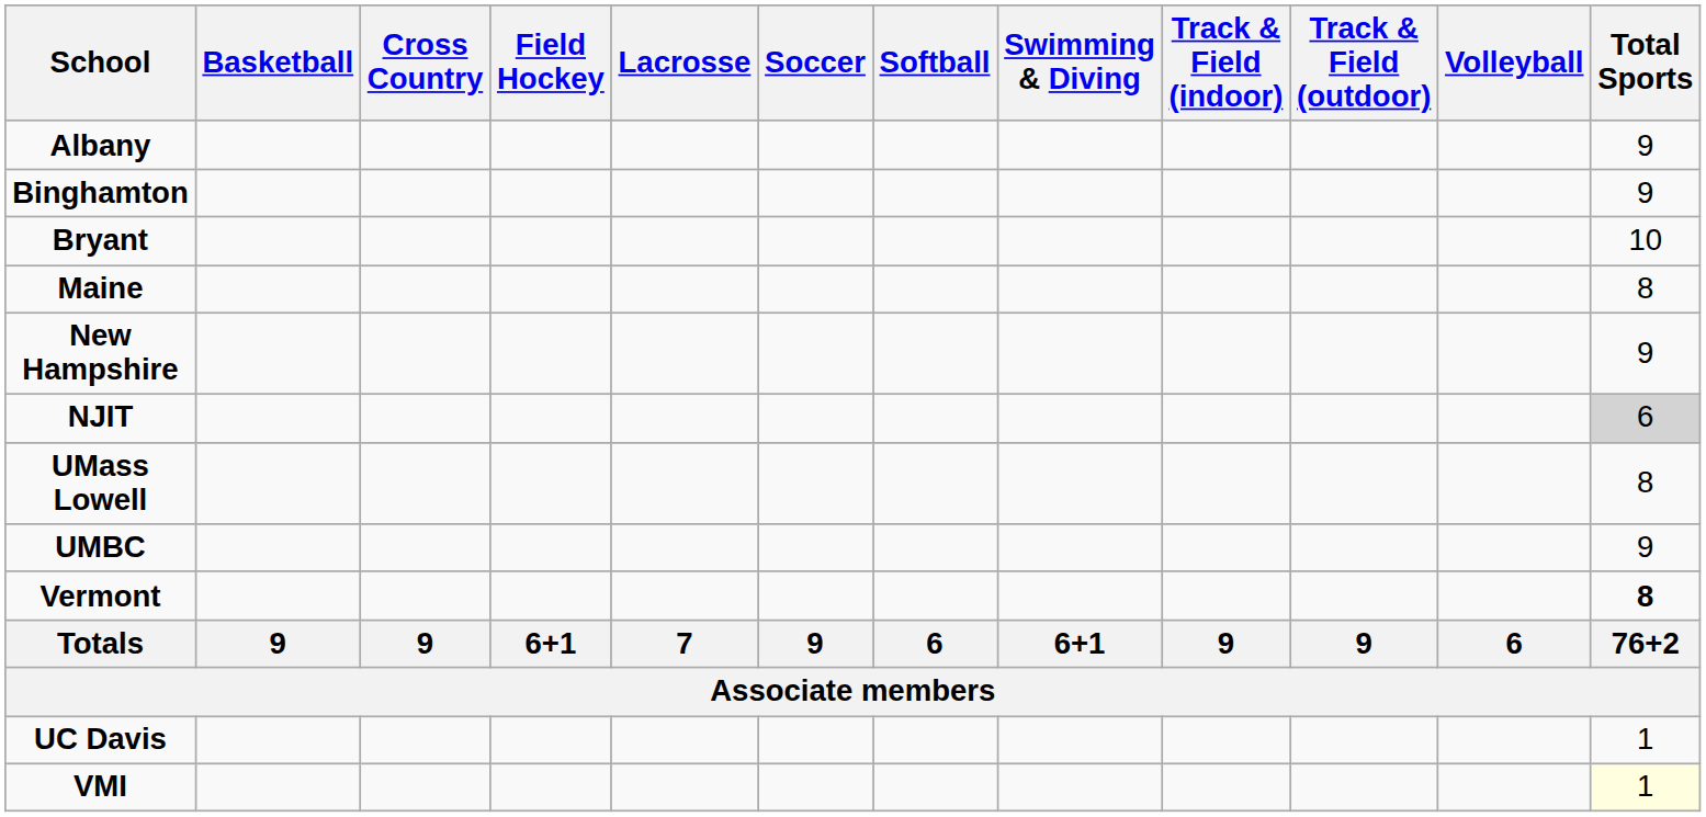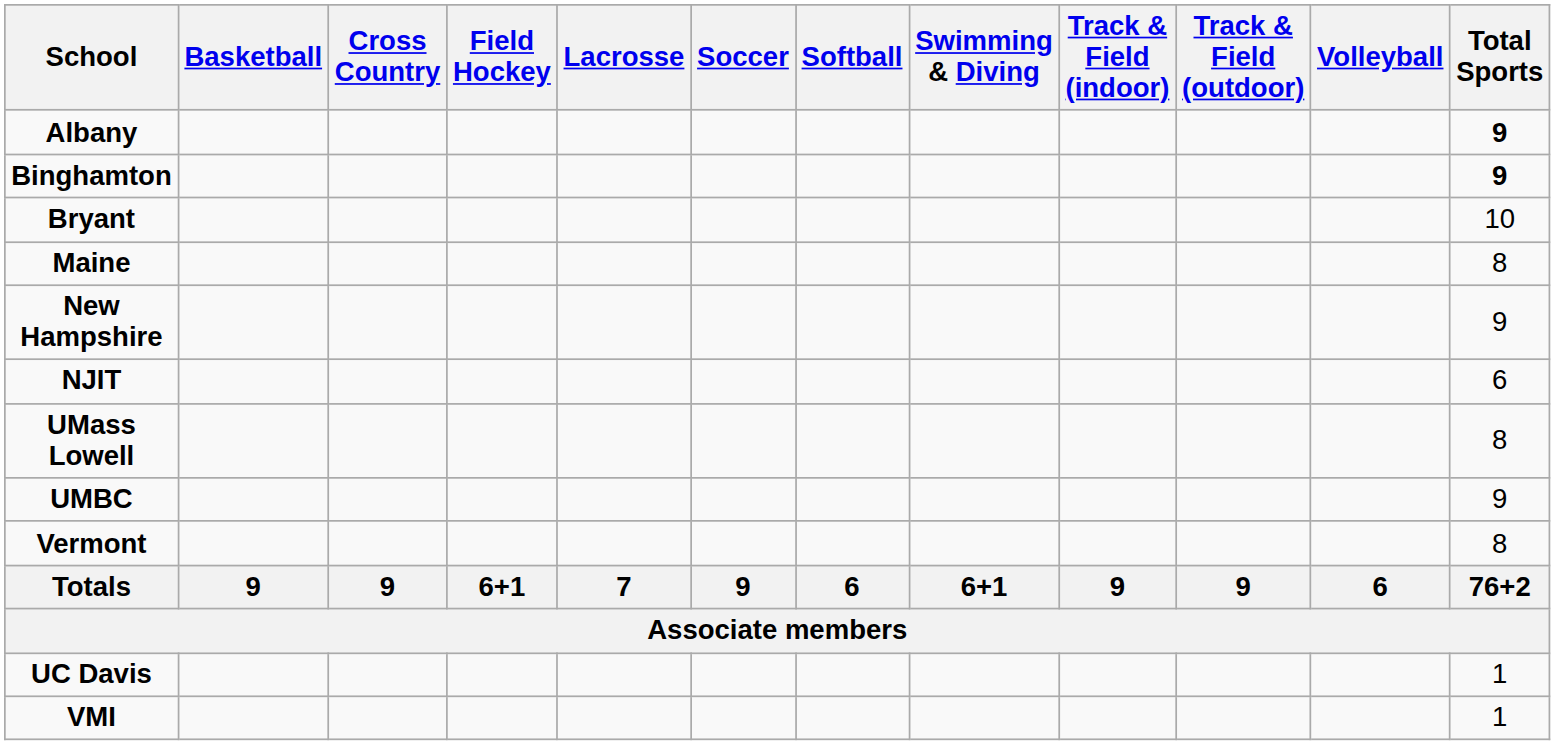 <table class="wikitable sortable" style="text-align:center; width:75%">
 <tr style="text-align:center">
 <th>School</th>
 <th><a href='#'>Basketball</a></th>
 <th><a href='#'>Cross <br> Country</a></th>
 <th><a href='#'>Field Hockey</a></th>
 <th><a href='#'>Lacrosse</a></th>
 <th><a href='#'>Soccer</a></th>
 <th><a href='#'>Softball</a></th>
 <th><a href='#'>Swimming</a> <br> & <a href='#'>Diving</a></th>
 <th><a href='#'>Track & Field<br>(indoor)</a></th>
 <th><a href='#'>Track & Field <br> (outdoor)</a></th>
 <th><a href='#'>Volleyball</a></th>
 <th>Total<br>Sports</th>
 </tr>
 <tr style="text-align:center">
 <td><strong>Albany</strong></td>
 <td></td>
 <td></td>
 <td></td>
 <td></td>
 <td></td>
 <td></td>
 <td></td>
 <td></td>
 <td></td>
 <td></td>
-<td>9</td>
+<td><strong>9</strong></td>
 </tr>
 <tr style="text-align:center">
 <td><strong>Binghamton</strong></td>
 <td></td>
 <td></td>
 <td></td>
 <td></td>
 <td></td>
 <td></td>
 <td></td>
 <td></td>
 <td></td>
 <td></td>
-<td>9</td>
+<td><strong>9</strong></td>
 </tr>
 <tr style="text-align:center">
 <td><strong>Bryant</strong></td>
 <td></td>
 <td></td>
 <td></td>
 <td></td>
 <td></td>
 <td></td>
 <td></td>
 <td></td>
 <td></td>
 <td></td>
 <td>10</td>
 </tr>
 <tr style="text-align:center">
 <td><strong>Maine</strong></td>
 <td></td>
 <td></td>
 <td></td>
 <td></td>
 <td></td>
 <td></td>
 <td></td>
 <td></td>
 <td></td>
 <td></td>
 <td>8</td>
 </tr>
 <tr style="text-align:center">
 <td><strong>New Hampshire</strong></td>
 <td></td>
 <td></td>
 <td></td>
 <td></td>
 <td></td>
 <td></td>
 <td></td>
 <td></td>
 <td></td>
 <td></td>
 <td>9</td>
 </tr>
 <tr style="text-align:center">
 <td><strong>NJIT</strong></td>
 <td></td>
 <td></td>
 <td></td>
 <td></td>
 <td></td>
 <td></td>
 <td></td>
 <td></td>
 <td></td>
 <td></td>
-<td style="background: lightgrey;">6</td>
+<td>6</td>
 </tr>
 <tr style="text-align:center">
 <td><strong>UMass Lowell</strong></td>
 <td></td>
 <td></td>
 <td></td>
 <td></td>
 <td></td>
 <td></td>
 <td></td>
 <td></td>
 <td></td>
 <td></td>
 <td>8</td>
 </tr>
 <tr style="text-align:center">
 <td><strong>UMBC</strong></td>
 <td></td>
 <td></td>
 <td></td>
 <td></td>
 <td></td>
 <td></td>
 <td></td>
 <td></td>
 <td></td>
 <td></td>
 <td>9</td>
 </tr>
 <tr style="text-align:center">
 <td><strong>Vermont</strong></td>
 <td></td>
 <td></td>
 <td></td>
 <td></td>
 <td></td>
 <td></td>
 <td></td>
 <td></td>
 <td></td>
 <td></td>
-<td><strong>8</strong></td>
+<td>8</td>
 </tr>
 <tr style="text-align:center">
 <th>Totals</th>
 <th>9</th>
 <th>9</th>
 <th>6+1</th>
 <th>7</th>
 <th>9</th>
 <th>6</th>
 <th>6+1</th>
 <th>9</th>
 <th>9</th>
 <th>6</th>
 <th>76+2</th>
 </tr>
 <tr>
 <th colspan=12>Associate members</th>
 </tr>
 <tr style="text-align:center">
 <td><strong>UC Davis</strong></td>
 <td></td>
 <td></td>
 <td></td>
 <td></td>
 <td></td>
 <td></td>
 <td></td>
 <td></td>
 <td></td>
 <td></td>
 <td>1</td>
 </tr>
 <tr style="text-align:center">
 <td><strong>VMI</strong></td>
 <td></td>
 <td></td>
 <td></td>
 <td></td>
 <td></td>
 <td></td>
 <td></td>
 <td></td>
 <td></td>
 <td></td>
-<td style="background: lightyellow;">1</td>
+<td>1</td>
 </tr>
 </table>
